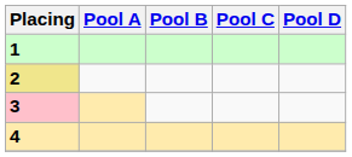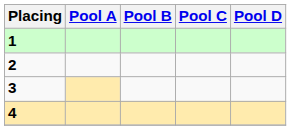 <table class=wikitable style="border:1px solid #AAAAAA;">
 <tr>
 <th>Placing</th>
 <th><a href='#'>Pool A</a></th>
 <th><a href='#'>Pool B</a></th>
 <th><a href='#'>Pool C</a></th>
 <th><a href='#'>Pool D</a></th>
 </tr>
 <tr style="background: #ccffcc;">
 <td><strong>1</strong></td>
 <td></td>
 <td></td>
 <td></td>
 <td></td>
 </tr>
 <tr>
-<td style="background: khaki;"><strong>2</strong></td>
+<td><strong>2</strong></td>
 <td></td>
 <td></td>
 <td></td>
 <td></td>
 </tr>
 <tr>
-<td style="background: pink;"><strong>3</strong></td>
+<td><strong>3</strong></td>
 <td style="background: #ffebad;"></td>
 <td></td>
 <td></td>
 <td></td>
 </tr>
 <tr style="background: #ffebad;">
 <td><strong>4</strong></td>
 <td></td>
 <td></td>
 <td></td>
 <td></td>
 </tr>
 <tr>
 </tr>
 </table>
